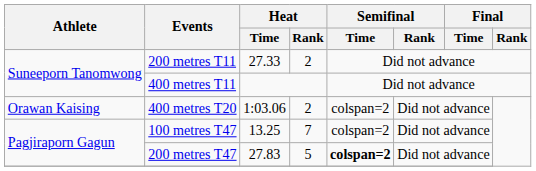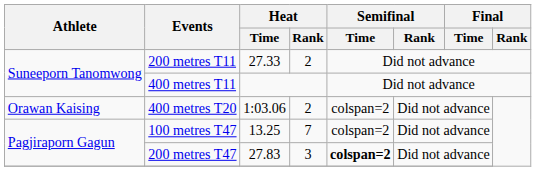 <table class=wikitable style="font-size:90%">
 <tr align=center>
 <th rowspan="2">Athlete</th>
 <th rowspan="2">Events</th>
 <th colspan="2">Heat</th>
 <th colspan="2">Semifinal</th>
 <th colspan="2">Final</th>
 </tr>
 <tr style="font-size:95%">
 <th>Time</th>
 <th>Rank</th>
 <th>Time</th>
 <th>Rank</th>
 <th>Time</th>
 <th>Rank</th>
 </tr>
 <tr align=center>
 <td rowspan="2" align=left><a href='#'>Suneeporn Tanomwong</a></td>
 <td align=left><a href='#'>200 metres T11</a></td>
 <td>27.33</td>
 <td>2</td>
 <td colspan=4>Did not advance</td>
 </tr>
 <tr align=center>
 <td align=left><a href='#'>400 metres T11</a></td>
 <td colspan=2></td>
 <td colspan=4>Did not advance</td>
 </tr>
 <tr align=center>
 <td align=left><a href='#'>Orawan Kaising</a></td>
 <td align=left><a href='#'>400 metres T20</a></td>
 <td>1:03.06</td>
 <td>2</td>
 <td>colspan=2 </td>
 <td colspan=2>Did not advance</td>
 </tr>
 <tr align=center>
 <td rowspan="2" align=left><a href='#'>Pagjiraporn Gagun</a></td>
 <td align=left><a href='#'>100 metres T47</a></td>
 <td>13.25</td>
 <td>7</td>
 <td>colspan=2 </td>
 <td colspan=2>Did not advance</td>
 </tr>
 <tr align=center>
 <td align=left><a href='#'>200 metres T47</a></td>
 <td>27.83</td>
-<td>5</td>
+<td>3</td>
 <td><strong>colspan=2 </strong></td>
 <td colspan=2>Did not advance</td>
 </tr>
 <tr align=center>
 </tr>
 </table>
